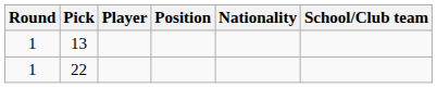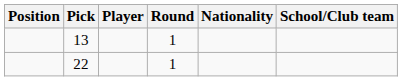 <table class="wikitable sortable sortable">
 <tr>
-<th>Round</th>
+<th>Position</th>
 <th>Pick</th>
 <th>Player</th>
-<th>Position</th>
+<th>Round</th>
 <th>Nationality</th>
 <th>School/Club team</th>
 </tr>
 <tr style="text-align: center">
-<td>1</td>
+<td></td>
 <td>13</td>
 <td></td>
-<td></td>
+<td>1</td>
 <td></td>
 <td></td>
 </tr>
 <tr style="text-align: center">
-<td>1</td>
+<td></td>
 <td>22</td>
 <td></td>
-<td></td>
+<td>1</td>
 <td></td>
 <td></td>
 </tr>
 </table>
